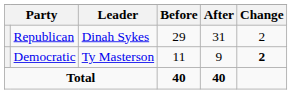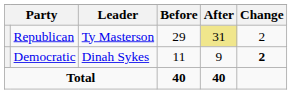 <table class="wikitable" style="text-align:center;">
 <tr>
 </tr>
 <tr>
 <th colspan="2">Party</th>
 <th>Leader</th>
 <th>Before</th>
 <th>After</th>
 <th>Change</th>
 </tr>
 <tr>
 <th style="background-color:"></th>
 <td style="text-align:left;"><a href='#'>Republican</a></td>
-<td style="text-align:left;"><a href='#'>Dinah Sykes</a></td>
+<td style="text-align:left;"><a href='#'>Ty Masterson</a></td>
 <td>29</td>
-<td>31</td>
+<td style="background: khaki;">31</td>
 <td> 2</td>
 </tr>
 <tr>
 <th style="background-color:"></th>
 <td style="text-align:left;"><a href='#'>Democratic</a></td>
-<td style="text-align:left;"><a href='#'>Ty Masterson</a></td>
+<td style="text-align:left;"><a href='#'>Dinah Sykes</a></td>
 <td>11</td>
 <td>9</td>
 <td><strong> 2</strong></td>
 </tr>
 <tr>
 <td colspan="3"><strong>Total</strong></td>
 <td><strong>40</strong></td>
 <td><strong>40</strong></td>
 <td></td>
 </tr>
 </table>
